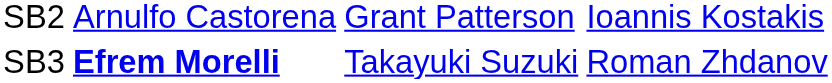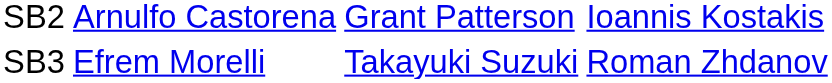 <table>
 <tr>
 <td>SB2</td>
 <td><a href='#'>Arnulfo Castorena</a><br></td>
 <td><a href='#'>Grant Patterson</a><br></td>
 <td><a href='#'>Ioannis Kostakis</a><br></td>
 </tr>
 <tr>
 <td>SB3</td>
-<td><strong><a href='#'>Efrem Morelli</a><br></strong></td>
+<td><a href='#'>Efrem Morelli</a><br></td>
 <td><a href='#'>Takayuki Suzuki</a><br></td>
 <td><a href='#'>Roman Zhdanov</a><br></td>
 </tr>
 </table>
